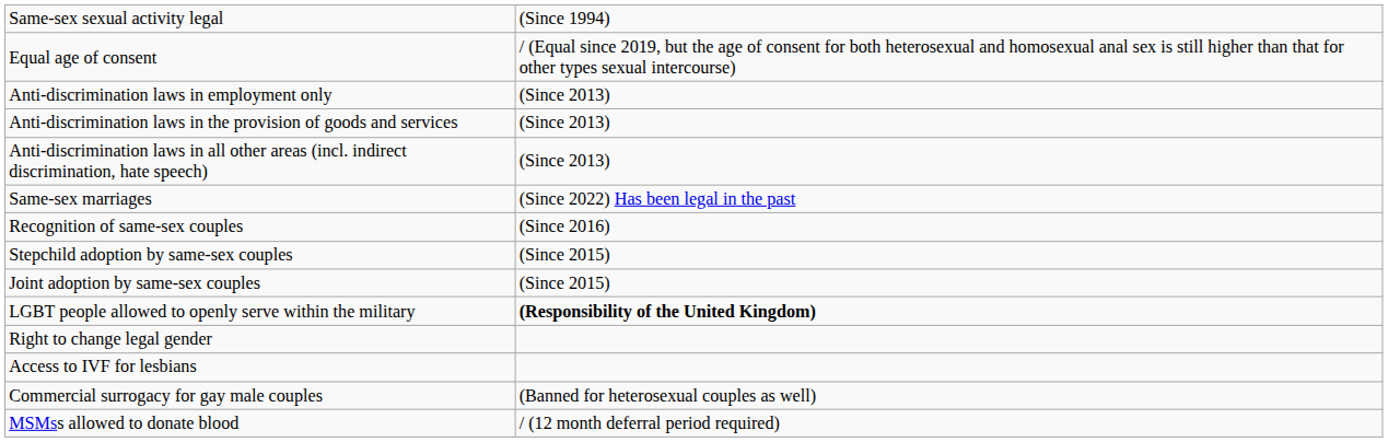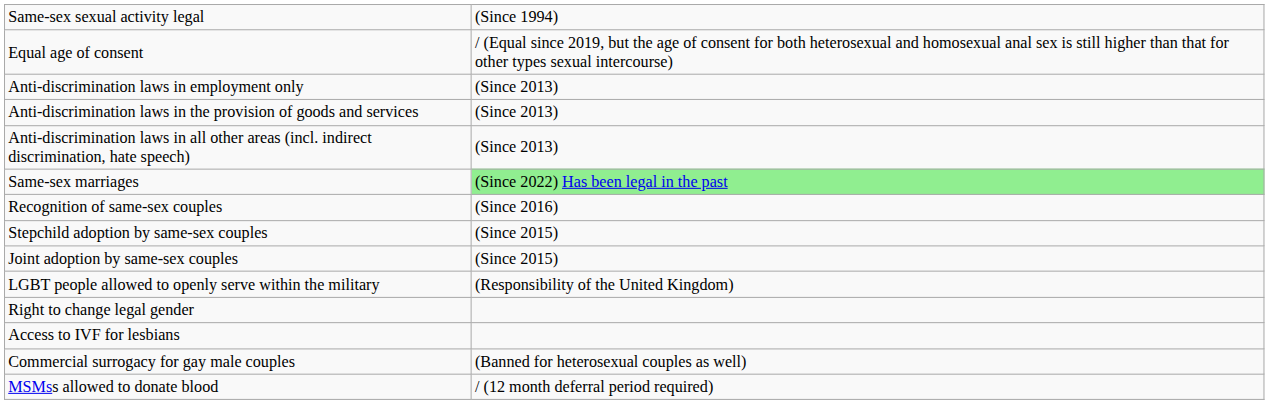 <table class="wikitable">
 <tr>
 <td>Same-sex sexual activity legal</td>
 <td> (Since 1994)</td>
 </tr>
 <tr>
 <td>Equal age of consent</td>
 <td> / (Equal since 2019, but the age of consent for both heterosexual and homosexual anal sex is still higher than that for other types sexual intercourse)</td>
 </tr>
 <tr>
 <td>Anti-discrimination laws in employment only</td>
 <td> (Since 2013)</td>
 </tr>
 <tr>
 <td>Anti-discrimination laws in the provision of goods and services</td>
 <td> (Since 2013)</td>
 </tr>
 <tr>
 <td>Anti-discrimination laws in all other areas (incl. indirect discrimination, hate speech)</td>
 <td> (Since 2013)</td>
 </tr>
 <tr>
 <td>Same-sex marriages</td>
-<td> (Since 2022) <a href='#'>Has been legal in the past</a></td>
+<td style="background: lightgreen;"> (Since 2022) <a href='#'>Has been legal in the past</a></td>
 </tr>
 <tr>
 <td>Recognition of same-sex couples</td>
 <td> (Since 2016)</td>
 </tr>
 <tr>
 <td>Stepchild adoption by same-sex couples</td>
 <td> (Since 2015)</td>
 </tr>
 <tr>
 <td>Joint adoption by same-sex couples</td>
 <td> (Since 2015)</td>
 </tr>
 <tr>
 <td>LGBT people allowed to openly serve within the military</td>
-<td><strong> (Responsibility of the United Kingdom)</strong></td>
+<td> (Responsibility of the United Kingdom)</td>
 </tr>
 <tr>
 <td>Right to change legal gender</td>
 <td></td>
 </tr>
 <tr>
 <td>Access to IVF for lesbians</td>
 <td></td>
 </tr>
 <tr>
 <td>Commercial surrogacy for gay male couples</td>
 <td> (Banned for heterosexual couples as well)</td>
 </tr>
 <tr>
 <td><a href='#'>MSMs</a>s allowed to donate blood</td>
 <td>/ (12 month deferral period required)</td>
 </tr>
 </table>
